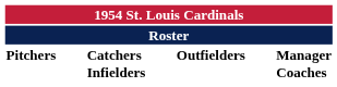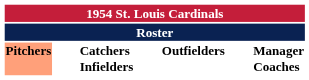 <table class="toccolours" style="font-size: 95%;">
 <tr>
 <th colspan="10" style="background-color: #c41e3a; color: white; text-align: center;">1954 St. Louis Cardinals</th>
 </tr>
 <tr>
 <td colspan="10" style="background-color: #0a2252; color: white; text-align: center;"><strong>Roster</strong></td>
 </tr>
 <tr>
-<td valign="top"><strong>Pitchers</strong><br>                 </td>
+<td valign="top" style="background: lightsalmon;"><strong>Pitchers</strong><br>                 </td>
 <td width="25px"></td>
 <td valign="top"><strong>Catchers</strong><br>   <strong>Infielders</strong>         </td>
 <td width="25px"></td>
 <td valign="top"><strong>Outfielders</strong><br>     </td>
 <td width="25px"></td>
 <td valign="top"><strong>Manager</strong><br> <strong>Coaches</strong>    </td>
 </tr>
 </table>
